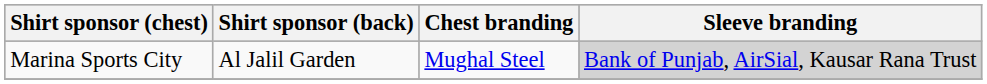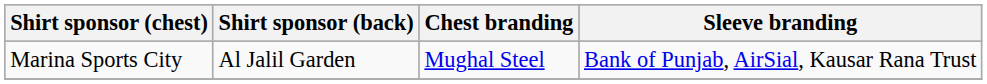 <table class="wikitable"  style="font-size:85%;">
 <tr>
 <th>Shirt sponsor (chest)</th>
 <th>Shirt sponsor (back)</th>
 <th>Chest branding</th>
 <th>Sleeve branding</th>
 </tr>
 <tr>
 <td>Marina Sports City</td>
 <td>Al Jalil Garden</td>
 <td><a href='#'>Mughal Steel</a></td>
-<td style="background: lightgrey;"><a href='#'>Bank of Punjab</a>, <a href='#'>AirSial</a>, Kausar Rana Trust</td>
+<td><a href='#'>Bank of Punjab</a>, <a href='#'>AirSial</a>, Kausar Rana Trust</td>
 </tr>
 <tr>
 </tr>
 </table>
